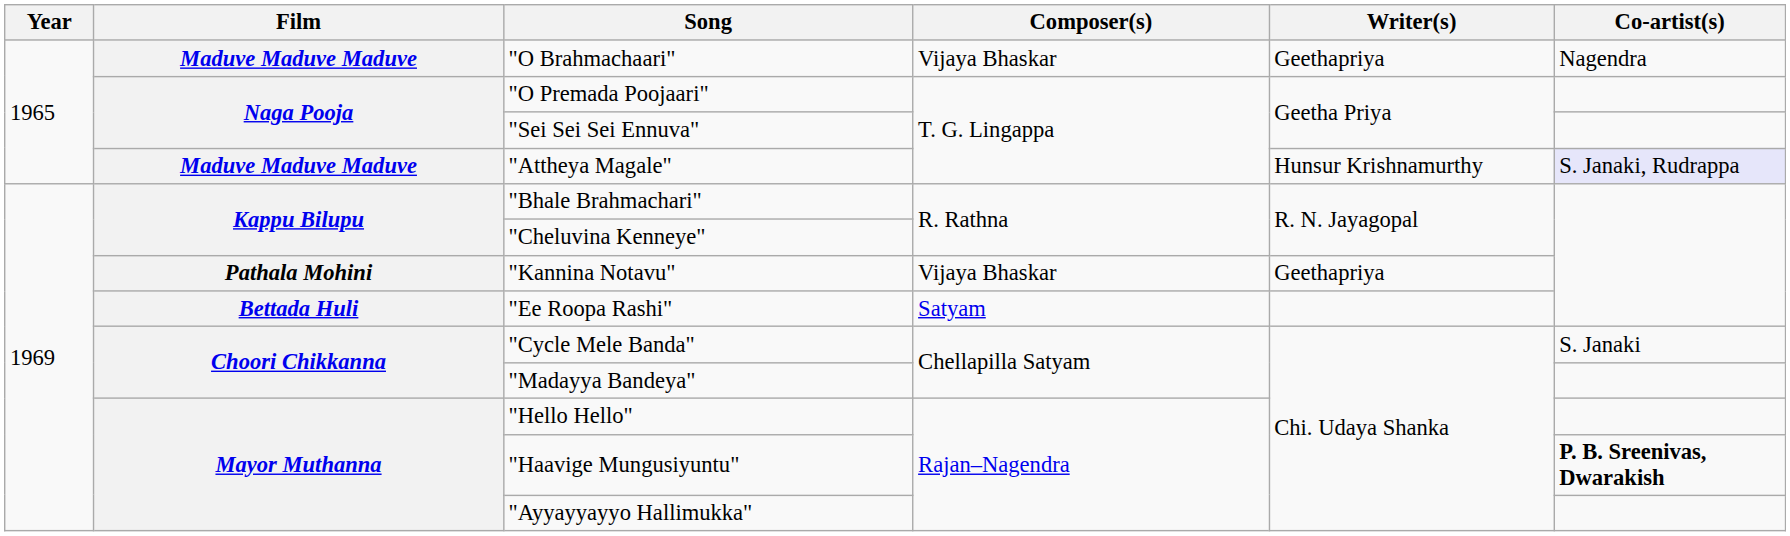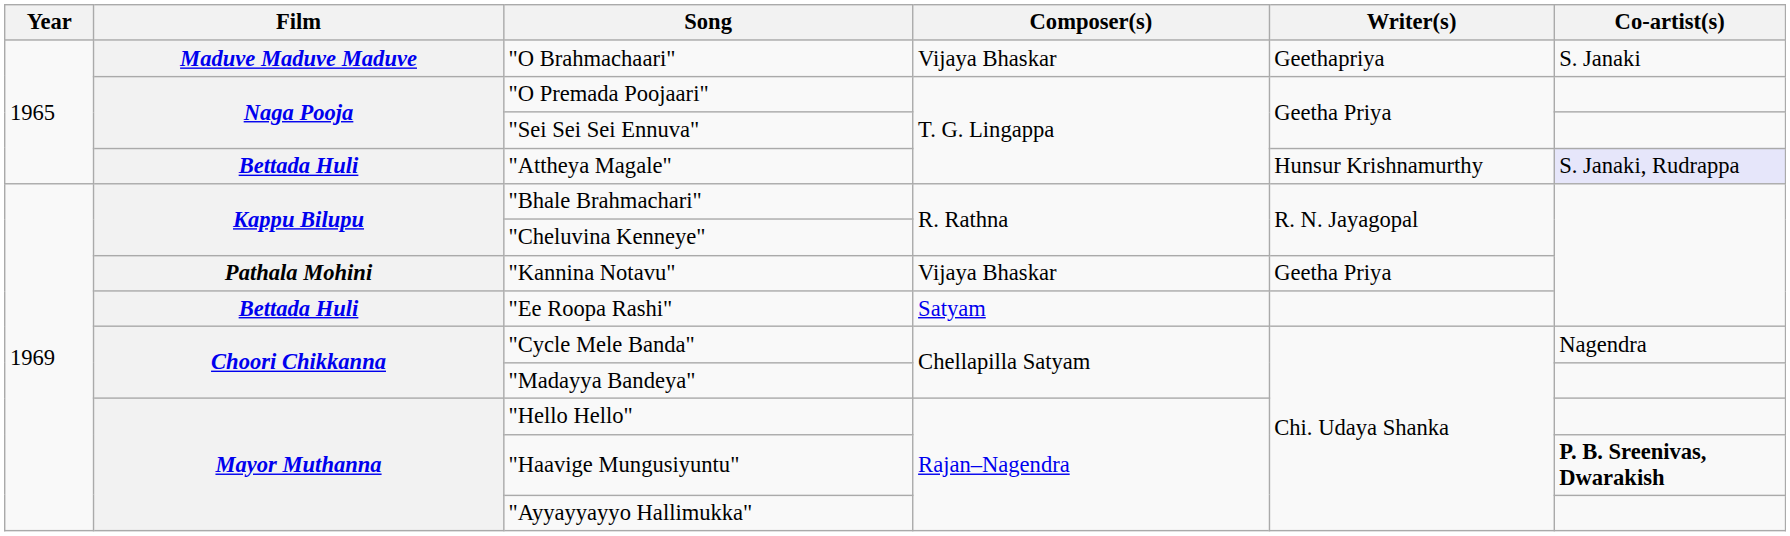 <table class="wikitable plainrowheaders" width="100%" textcolor:#000;">
 <tr style="background:#b0e0e66;">
 <th scope="col" width=5%><strong>Year</strong></th>
 <th scope="col" width=23%><strong>Film</strong></th>
 <th scope="col" width=23%><strong>Song</strong></th>
 <th scope="col" width=20%><strong>Composer(s)</strong></th>
 <th scope="col" width=16%><strong>Writer(s)</strong></th>
 <th scope="col" width=18%><strong>Co-artist(s)</strong></th>
 </tr>
 <tr>
 <td rowspan=4>1965</td>
 <th><em><a href='#'>Maduve Maduve Maduve</a></em></th>
 <td>"O Brahmachaari"</td>
 <td>Vijaya Bhaskar</td>
 <td>Geethapriya</td>
-<td>Nagendra</td>
+<td>S. Janaki</td>
 </tr>
 <tr>
 <th rowspan=2><em><a href='#'>Naga Pooja</a></em></th>
 <td>"O Premada Poojaari"</td>
 <td rowspan=3>T. G. Lingappa</td>
 <td rowspan=2>Geetha Priya</td>
 <td></td>
 </tr>
 <tr>
 <td>"Sei Sei Sei Ennuva"</td>
 <td></td>
 </tr>
 <tr>
-<th><em><a href='#'>Maduve Maduve Maduve</a></em></th>
+<th><em><a href='#'>Bettada Huli</a></em></th>
 <td>"Attheya Magale"</td>
 <td>Hunsur Krishnamurthy</td>
 <td style="background: lavender;">S. Janaki, Rudrappa</td>
 </tr>
 <tr>
 <td rowspan=9>1969</td>
 <th rowspan="2"><em><a href='#'>Kappu Bilupu</a></em></th>
 <td>"Bhale Brahmachari"</td>
 <td rowspan=2>R. Rathna</td>
 <td rowspan=2>R. N. Jayagopal</td>
 <td rowspan=4></td>
 </tr>
 <tr>
 <td>"Cheluvina Kenneye"</td>
 </tr>
 <tr>
 <th><em>Pathala Mohini</em></th>
 <td>"Kannina Notavu"</td>
 <td>Vijaya Bhaskar</td>
-<td>Geethapriya</td>
+<td>Geetha Priya</td>
 </tr>
 <tr>
 <th><em><a href='#'>Bettada Huli</a></em></th>
 <td>"Ee Roopa Rashi"</td>
 <td><a href='#'>Satyam</a></td>
 <td></td>
 </tr>
 <tr>
 <th rowspan=2><em><a href='#'>Choori Chikkanna</a></em></th>
 <td>"Cycle Mele Banda"</td>
 <td rowspan=2>Chellapilla Satyam</td>
 <td rowspan=5>Chi. Udaya Shanka</td>
-<td>S. Janaki</td>
+<td>Nagendra</td>
 </tr>
 <tr>
 <td>"Madayya Bandeya"</td>
 <td></td>
 </tr>
 <tr>
 <th rowspan=3><em><a href='#'>Mayor Muthanna</a></em></th>
 <td>"Hello Hello"</td>
 <td rowspan=3><a href='#'>Rajan–Nagendra</a></td>
 <td></td>
 </tr>
 <tr>
 <td>"Haavige Mungusiyuntu"</td>
 <td><strong>P. B. Sreenivas, Dwarakish</strong></td>
 </tr>
 <tr>
 <td>"Ayyayyayyo Hallimukka"</td>
 <td></td>
 </tr>
 </table>
